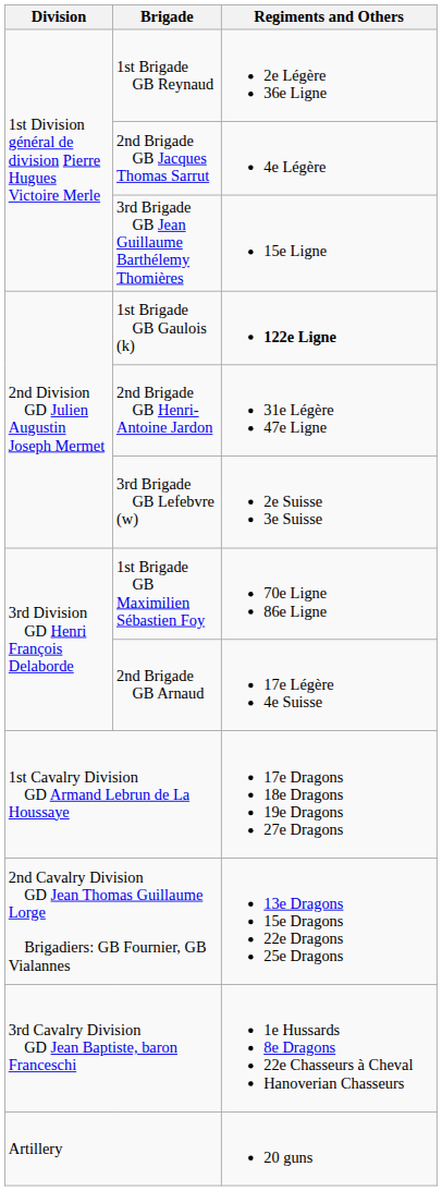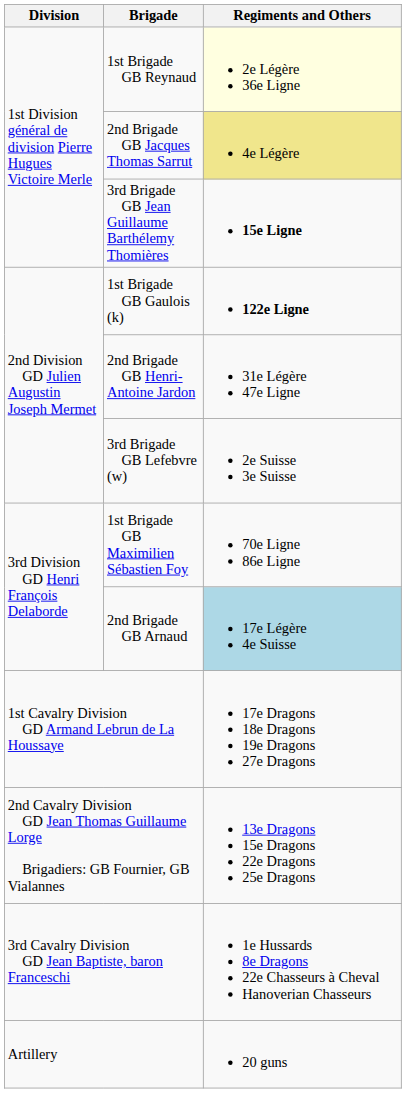 <table class="wikitable" width="50%">
 <tr>
 <th style="width:25%;">Division</th>
 <th style="width:25%;">Brigade</th>
 <th>Regiments and Others</th>
 </tr>
 <tr>
 <td rowspan=3>1st Division<br><a href='#'>général de division</a> <a href='#'>Pierre Hugues Victoire Merle</a></td>
 <td>1st Brigade<br>    GB Reynaud</td>
-<td><br><ul><li>2e Légère</li><li>36e Ligne</li></ul></td>
+<td style="background: lightyellow;"><br><ul><li>2e Légère</li><li>36e Ligne</li></ul></td>
 </tr>
 <tr>
 <td>2nd Brigade<br>    GB <a href='#'>Jacques Thomas Sarrut</a></td>
-<td><br><ul><li>4e Légère</li></ul></td>
+<td style="background: khaki;"><br><ul><li>4e Légère</li></ul></td>
 </tr>
 <tr>
 <td>3rd Brigade<br>    GB <a href='#'>Jean Guillaume Barthélemy Thomières</a></td>
-<td><br><ul><li>15e Ligne</li></ul></td>
+<td><strong><br><ul><li>15e Ligne</li></ul></strong></td>
 </tr>
 <tr>
 <td rowspan=3>2nd Division<br>    GD <a href='#'>Julien Augustin Joseph Mermet</a></td>
 <td>1st Brigade<br>    GB Gaulois (k)</td>
 <td><strong><br><ul><li>122e Ligne</li></ul></strong></td>
 </tr>
 <tr>
 <td>2nd Brigade<br>    GB <a href='#'>Henri-Antoine Jardon</a></td>
 <td><br><ul><li>31e Légère</li><li>47e Ligne</li></ul></td>
 </tr>
 <tr>
 <td>3rd Brigade<br>    GB Lefebvre (w)</td>
 <td><br><ul><li>2e Suisse</li><li>3e Suisse</li></ul></td>
 </tr>
 <tr>
 <td rowspan=2>3rd Division<br>    GD <a href='#'>Henri François Delaborde</a></td>
 <td>1st Brigade<br>    GB <a href='#'>Maximilien Sébastien Foy</a></td>
 <td><br><ul><li>70e Ligne</li><li>86e Ligne</li></ul></td>
 </tr>
 <tr>
 <td>2nd Brigade<br>    GB Arnaud</td>
-<td><br><ul><li>17e Légère</li><li>4e Suisse</li></ul></td>
+<td style="background: lightblue;"><br><ul><li>17e Légère</li><li>4e Suisse</li></ul></td>
 </tr>
 <tr>
 <td colspan=2>1st Cavalry Division<br>    GD <a href='#'>Armand Lebrun de La Houssaye</a></td>
 <td><br><ul><li>17e Dragons</li><li>18e Dragons</li><li>19e Dragons</li><li>27e Dragons</li></ul></td>
 </tr>
 <tr>
 <td colspan=2>2nd Cavalry  Division<br>    GD <a href='#'>Jean Thomas Guillaume Lorge</a><br><br>    Brigadiers: GB Fournier, GB Vialannes</td>
 <td><br><ul><li><a href='#'>13e Dragons</a></li><li>15e Dragons</li><li>22e Dragons</li><li>25e Dragons</li></ul></td>
 </tr>
 <tr>
 <td colspan=2>3rd Cavalry  Division<br>    GD <a href='#'>Jean Baptiste, baron Franceschi</a></td>
 <td><br><ul><li>1e Hussards</li><li><a href='#'>8e Dragons</a></li><li>22e Chasseurs à Cheval</li><li>Hanoverian Chasseurs</li></ul></td>
 </tr>
 <tr>
 <td colspan=2>Artillery</td>
 <td><br><ul><li>20 guns</li></ul></td>
 </tr>
 </table>
